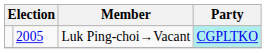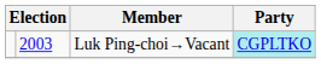 <table class="wikitable">
 <tr>
 <th colspan="2">Election</th>
 <th>Member</th>
 <th>Party</th>
 </tr>
 <tr>
 <td style="color:inherit;background:"></td>
-<td><a href='#'>2005</a></td>
+<td><a href='#'>2003</a></td>
 <td>Luk Ping-choi→Vacant</td>
 <td style="background: paleturquoise;"><a href='#'>CGPLTKO</a></td>
 </tr>
 <tr>
 </tr>
 </table>
